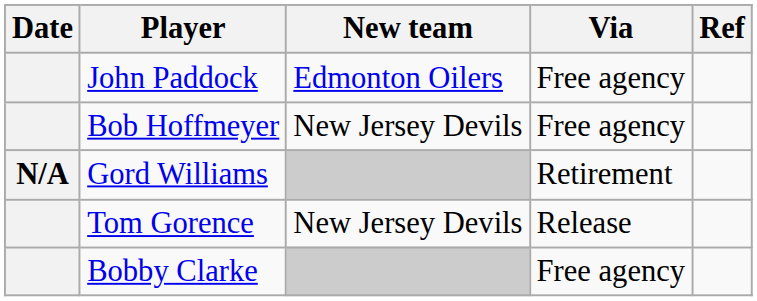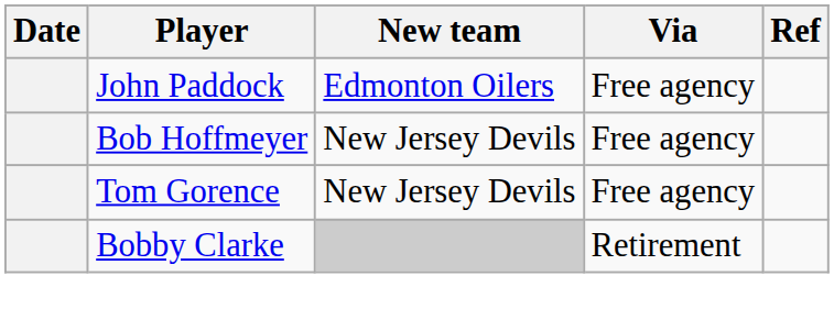 <table class="wikitable plainrowheaders">
 <tr style="background:#ddd; text-align:center;">
 <th>Date</th>
 <th>Player</th>
 <th>New team</th>
 <th>Via</th>
 <th>Ref</th>
 </tr>
 <tr>
 <th scope="row"></th>
 <td><a href='#'>John Paddock</a></td>
 <td><a href='#'>Edmonton Oilers</a></td>
 <td>Free agency</td>
 <td></td>
 </tr>
 <tr>
 <th scope="row"></th>
 <td><a href='#'>Bob Hoffmeyer</a></td>
 <td>New Jersey Devils</td>
 <td>Free agency</td>
 <td></td>
 </tr>
 <tr>
-<th scope="row">N/A</th>
-<td><a href='#'>Gord Williams</a></td>
-<td style="background:#ccc"></td>
-<td>Retirement</td>
-<td></td>
-</tr>
-<tr>
 <th scope="row"></th>
 <td><a href='#'>Tom Gorence</a></td>
 <td>New Jersey Devils</td>
-<td>Release</td>
+<td>Free agency</td>
 <td></td>
 </tr>
 <tr>
 <th scope="row"></th>
 <td><a href='#'>Bobby Clarke</a></td>
 <td style="background:#ccc"></td>
-<td>Free agency</td>
+<td>Retirement</td>
 <td></td>
 </tr>
 </table>
